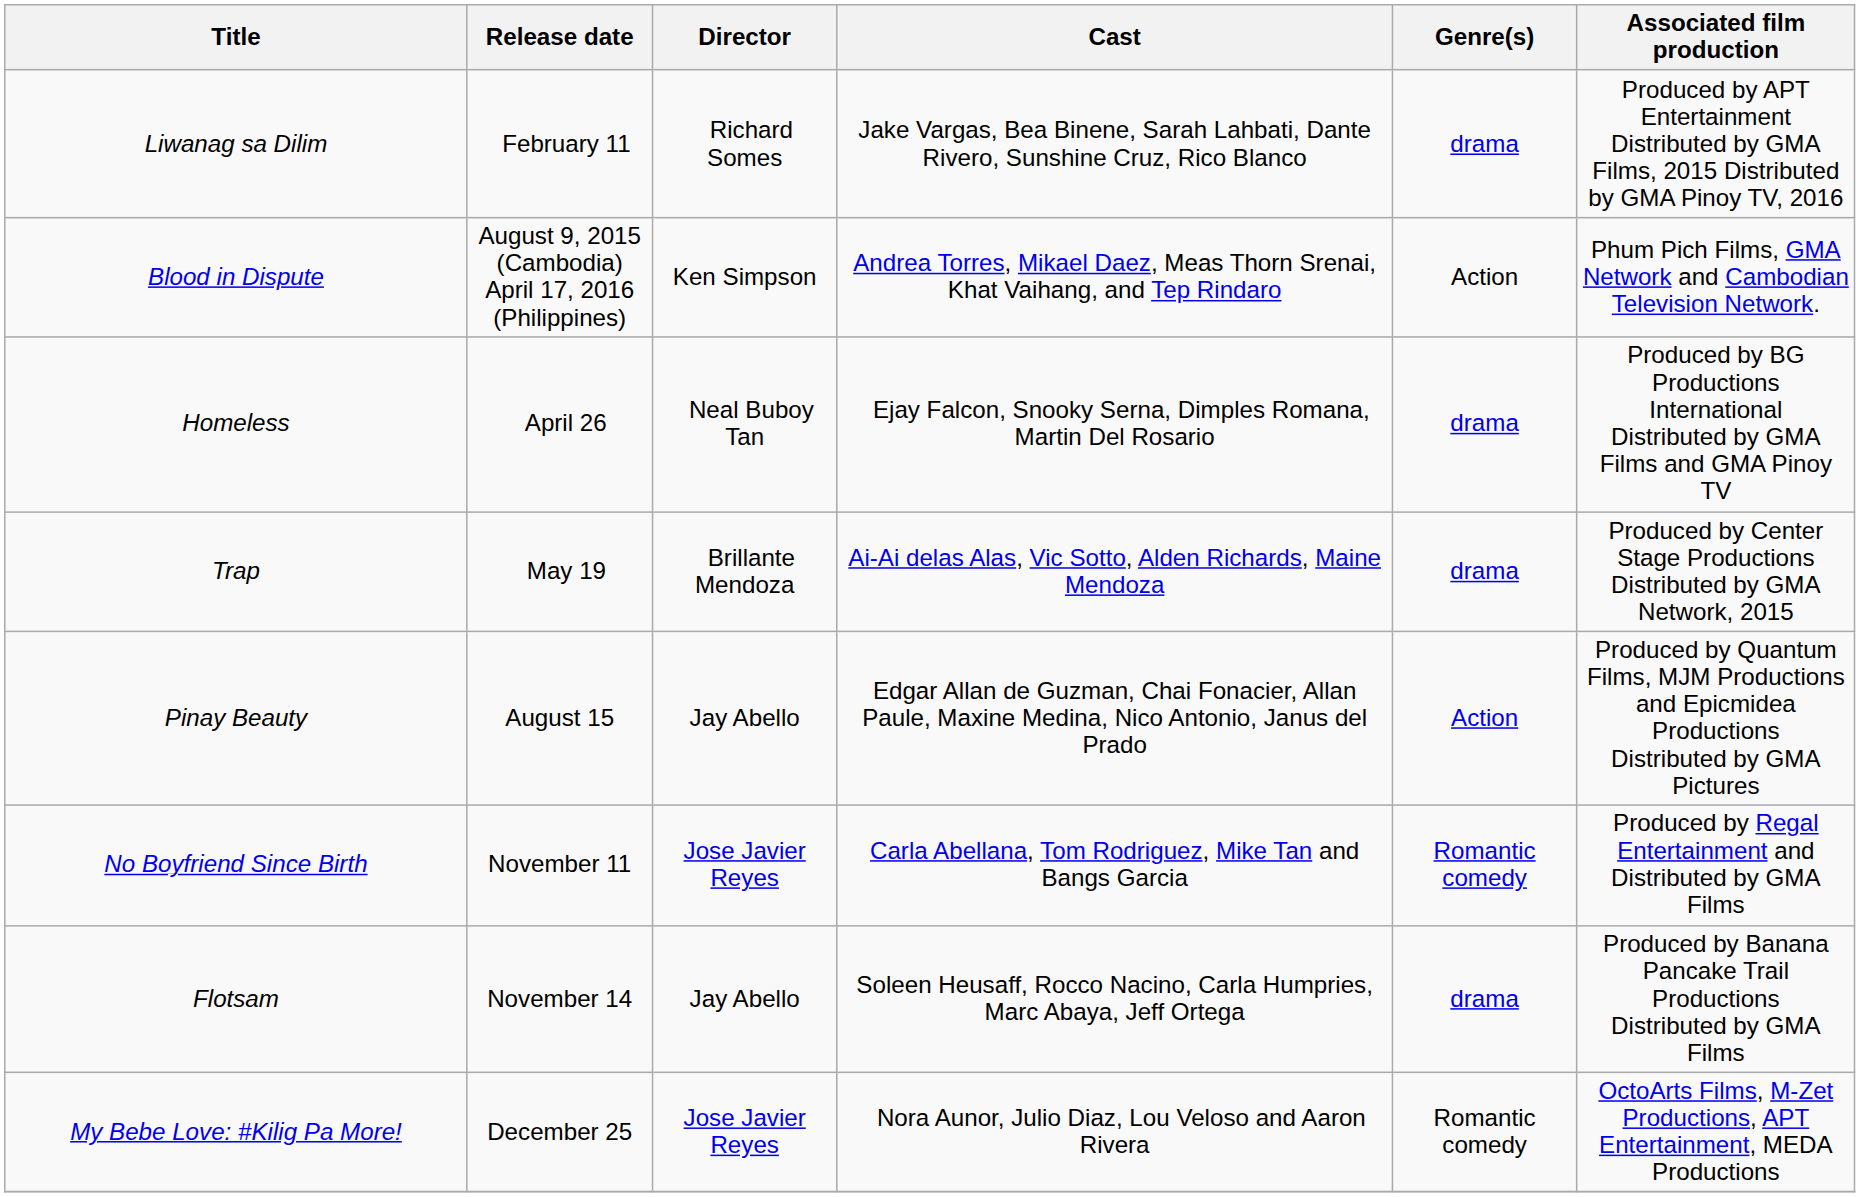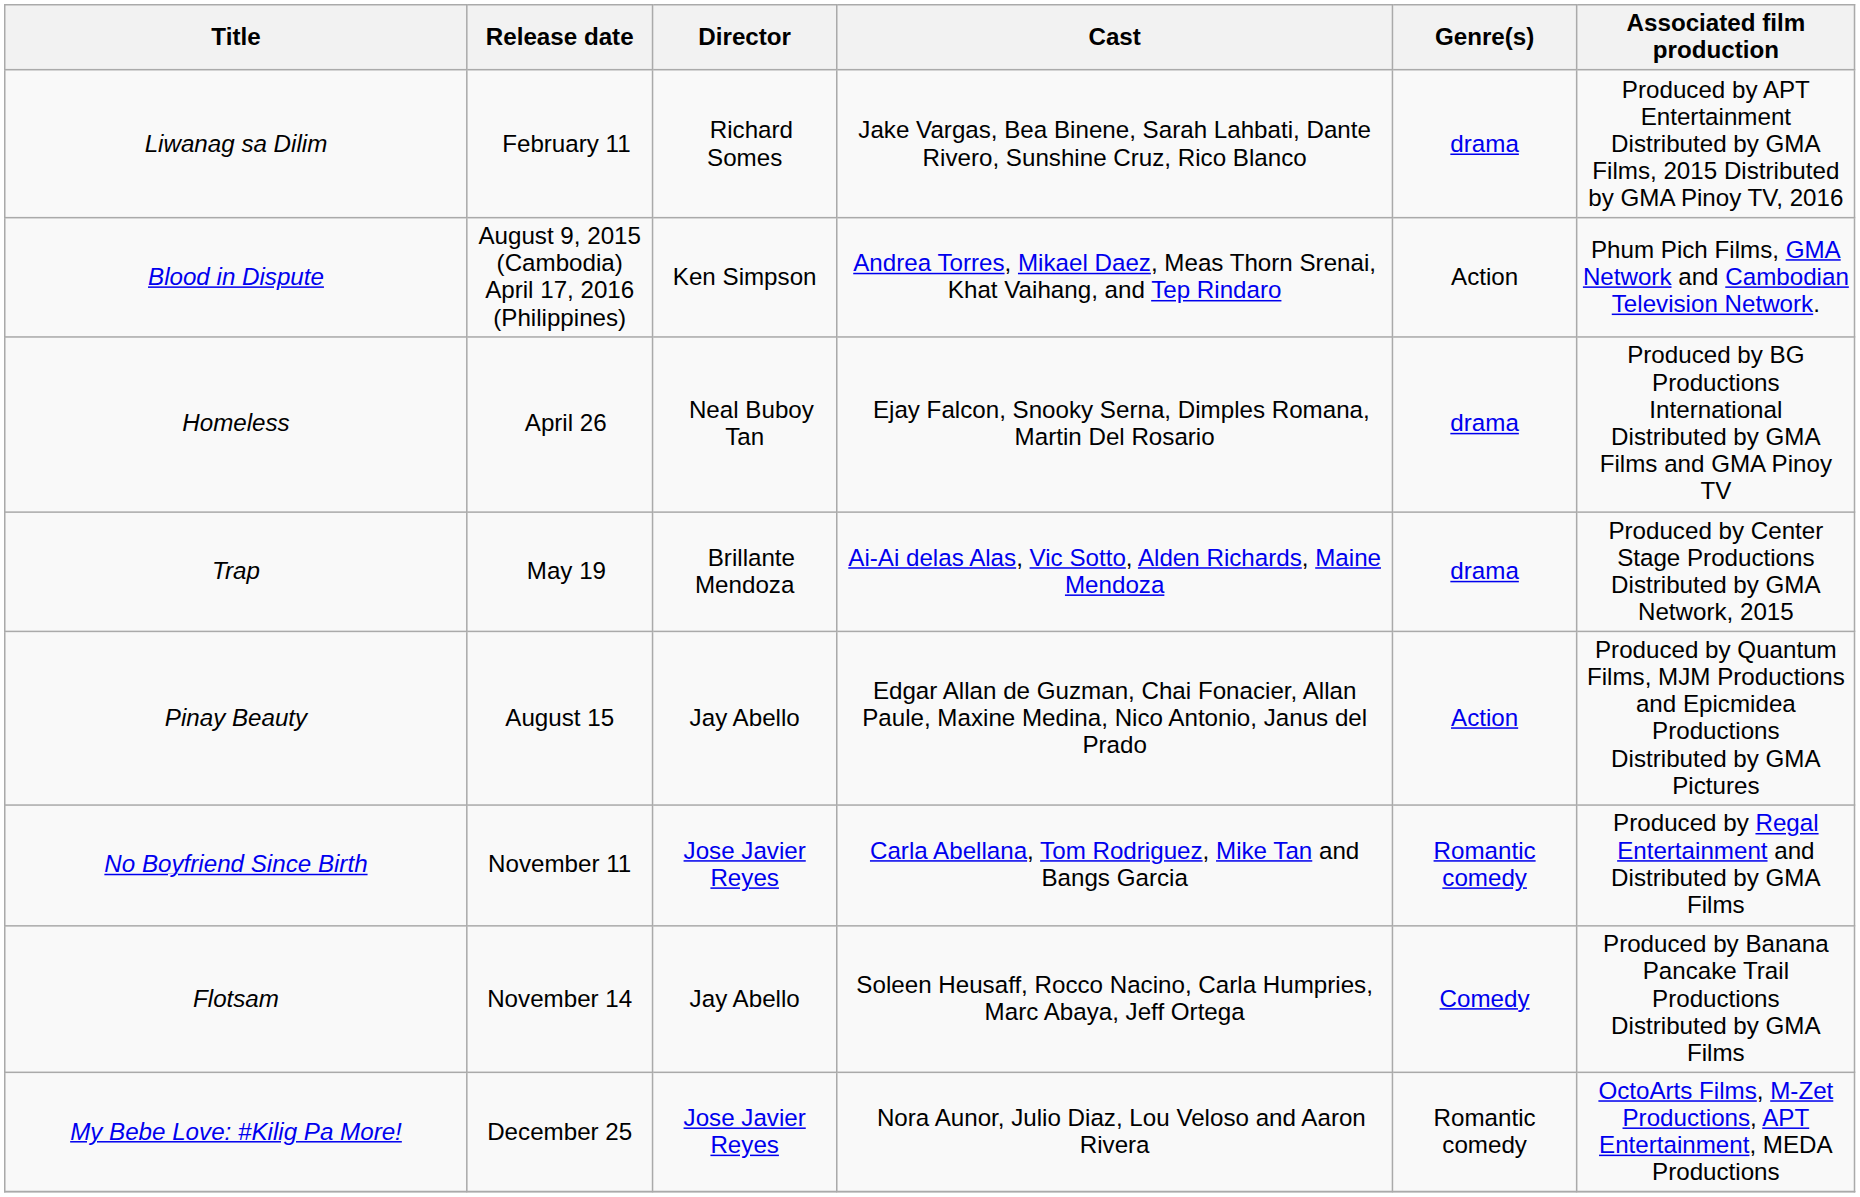 <table class="wikitable" "toccolours sortable" style="width:97%; text-align:center">
 <tr>
 <th style="width:25%;">Title</th>
 <th style="width:10%;">Release date</th>
 <th style="width:10%;">Director</th>
 <th style="width:30%;">Cast</th>
 <th style="width:10%;">Genre(s)</th>
 <th style="width:15%;">Associated film production</th>
 </tr>
 <tr>
 <td><em>Liwanag sa Dilim</em></td>
 <td>  February 11</td>
 <td>  Richard Somes</td>
 <td>Jake Vargas, Bea Binene, Sarah Lahbati, Dante Rivero, Sunshine Cruz, Rico Blanco</td>
 <td><a href='#'>drama</a></td>
 <td>Produced by APT Entertainment<br>Distributed by GMA Films, 2015 Distributed by GMA Pinoy TV, 2016  </td>
 </tr>
 <tr>
 <td><em><a href='#'>Blood in Dispute</a></em></td>
 <td>August 9, 2015 (Cambodia)<br>April 17, 2016 (Philippines)</td>
 <td>Ken Simpson</td>
 <td><a href='#'>Andrea Torres</a>, <a href='#'>Mikael Daez</a>, Meas Thorn Srenai, Khat Vaihang, and <a href='#'>Tep Rindaro</a></td>
 <td>Action</td>
 <td>Phum Pich Films, <a href='#'>GMA Network</a> and <a href='#'>Cambodian Television Network</a>.</td>
 </tr>
 <tr>
 <td><em>Homeless</em></td>
 <td>  April 26</td>
 <td>  Neal Buboy Tan</td>
 <td>  Ejay Falcon, Snooky Serna, Dimples Romana, Martin Del Rosario</td>
 <td><a href='#'>drama</a></td>
 <td>Produced by BG Productions International<br>Distributed by GMA Films and GMA Pinoy TV </td>
 </tr>
 <tr>
 <td><em>Trap</em></td>
 <td>  May 19</td>
 <td>  Brillante Mendoza</td>
 <td><a href='#'>Ai-Ai delas Alas</a>, <a href='#'>Vic Sotto</a>, <a href='#'>Alden Richards</a>, <a href='#'>Maine Mendoza</a></td>
 <td><a href='#'>drama</a></td>
 <td>Produced by Center Stage Productions<br>Distributed by GMA Network, 2015 </td>
 </tr>
 <tr>
 <td><em>Pinay Beauty</em></td>
 <td>August 15</td>
 <td>Jay Abello</td>
 <td>Edgar Allan de Guzman, Chai Fonacier, Allan Paule, Maxine Medina, Nico Antonio, Janus del Prado</td>
 <td><a href='#'>Action</a></td>
 <td>Produced by Quantum Films, MJM Productions and Epicmidea Productions<br>Distributed by GMA Pictures </td>
 </tr>
 <tr>
 <td><em><a href='#'>No Boyfriend Since Birth</a></em></td>
 <td>November 11</td>
 <td><a href='#'>Jose Javier Reyes</a></td>
 <td><a href='#'>Carla Abellana</a>, <a href='#'>Tom Rodriguez</a>, <a href='#'>Mike Tan</a> and Bangs Garcia</td>
 <td><a href='#'>Romantic comedy</a></td>
 <td>Produced by <a href='#'>Regal Entertainment</a> and Distributed by GMA Films</td>
 </tr>
 <tr>
 <td><em>Flotsam</em></td>
 <td>November 14</td>
 <td>Jay Abello</td>
 <td>Soleen Heusaff, Rocco Nacino, Carla Humpries, Marc Abaya, Jeff Ortega</td>
-<td><a href='#'>drama</a></td>
+<td><a href='#'>Comedy</a></td>
 <td>Produced by Banana Pancake Trail Productions<br>Distributed by GMA Films </td>
 </tr>
 <tr>
 <td><em><a href='#'>My Bebe Love: #Kilig Pa More!</a></em></td>
 <td>December 25</td>
 <td><a href='#'>Jose Javier Reyes</a></td>
 <td>  Nora Aunor, Julio Diaz, Lou Veloso and Aaron Rivera</td>
 <td>Romantic comedy</td>
 <td><a href='#'>OctoArts Films</a>, <a href='#'>M-Zet Productions</a>, <a href='#'>APT Entertainment</a>, MEDA Productions</td>
 </tr>
 <tr>
 </tr>
 </table>
